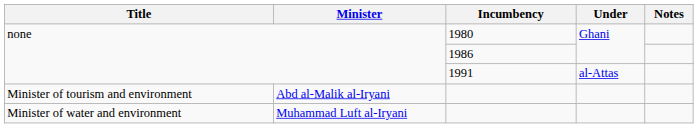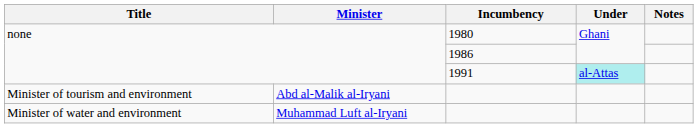 <table class="wikitable" style="width:100%;">
 <tr>
 <th>Title</th>
 <th style="width:25%;"><a href='#'>Minister</a></th>
 <th style="width:160px;">Incumbency</th>
 <th style="width:10%;">Under</th>
 <th style="width:7%;">Notes</th>
 </tr>
 <tr>
 <td rowspan="3" colspan="2" style="vertical-align:top;">none</td>
 <td>1980</td>
 <td rowspan="2" style="vertical-align:top;"><a href='#'>Ghani</a></td>
 <td></td>
 </tr>
 <tr>
 <td>1986</td>
 <td></td>
 </tr>
 <tr>
 <td>1991</td>
-<td><a href='#'>al-Attas</a></td>
+<td style="background: paleturquoise;"><a href='#'>al-Attas</a></td>
 <td></td>
 </tr>
 <tr>
 <td>Minister of tourism and environment</td>
 <td><a href='#'>Abd al-Malik al-Iryani</a></td>
 <td></td>
 <td></td>
 <td></td>
 </tr>
 <tr>
 <td>Minister of water and environment</td>
 <td><a href='#'>Muhammad Luft al-Iryani</a></td>
 <td></td>
 <td></td>
 <td></td>
 </tr>
 </table>
